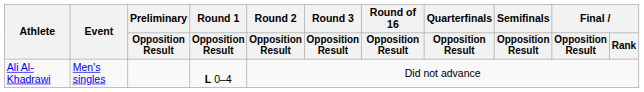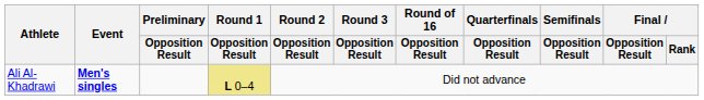 <table class="wikitable" style="font-size:90%;">
 <tr>
 <th rowspan=2>Athlete</th>
 <th rowspan=2>Event</th>
 <th>Preliminary</th>
 <th>Round 1</th>
 <th>Round 2</th>
 <th>Round 3</th>
 <th>Round of 16</th>
 <th>Quarterfinals</th>
 <th>Semifinals</th>
 <th colspan=2>Final / </th>
 </tr>
 <tr style="font-size:95%">
 <th>Opposition<br>Result</th>
 <th>Opposition<br>Result</th>
 <th>Opposition<br>Result</th>
 <th>Opposition<br>Result</th>
 <th>Opposition<br>Result</th>
 <th>Opposition<br>Result</th>
 <th>Opposition<br>Result</th>
 <th>Opposition<br>Result</th>
 <th>Rank</th>
 </tr>
 <tr align=center>
 <td align=left><a href='#'>Ali Al-Khadrawi</a></td>
-<td align=left><a href='#'>Men's singles</a></td>
+<td align=left><strong><a href='#'>Men's singles</a></strong></td>
 <td></td>
-<td><br><strong>L</strong> 0–4</td>
+<td style="background: khaki;"><br><strong>L</strong> 0–4</td>
 <td colspan=7>Did not advance</td>
 </tr>
 </table>
